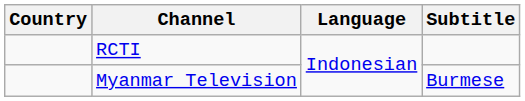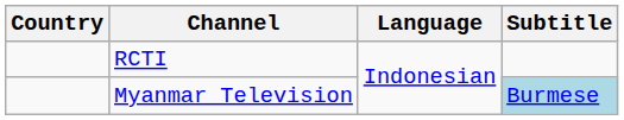 <table class="wikitable unsortable">
 <tr>
 <th>Country</th>
 <th>Channel</th>
 <th>Language</th>
 <th>Subtitle</th>
 </tr>
 <tr>
 <td></td>
 <td><a href='#'>RCTI</a></td>
 <td rowspan="2"><a href='#'>Indonesian</a></td>
 <td></td>
 </tr>
 <tr>
 <td></td>
 <td><a href='#'>Myanmar Television</a></td>
-<td><a href='#'>Burmese</a></td>
+<td style="background: lightblue;"><a href='#'>Burmese</a></td>
 </tr>
 </table>
